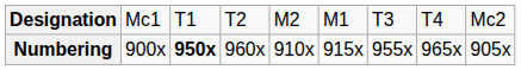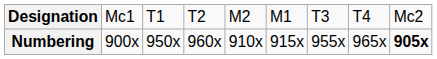 <table class="wikitable">
 <tr>
 <th>Designation</th>
 <td>Mc1</td>
 <td>T1</td>
 <td>T2</td>
 <td>M2</td>
 <td>M1</td>
 <td>T3</td>
 <td>T4</td>
 <td>Mc2</td>
 </tr>
 <tr>
 <th>Numbering</th>
 <td>900x</td>
-<td><strong>950x</strong></td>
+<td>950x</td>
 <td>960x</td>
 <td>910x</td>
 <td>915x</td>
 <td>955x</td>
 <td>965x</td>
-<td>905x</td>
+<td><strong>905x</strong></td>
 </tr>
 </table>
